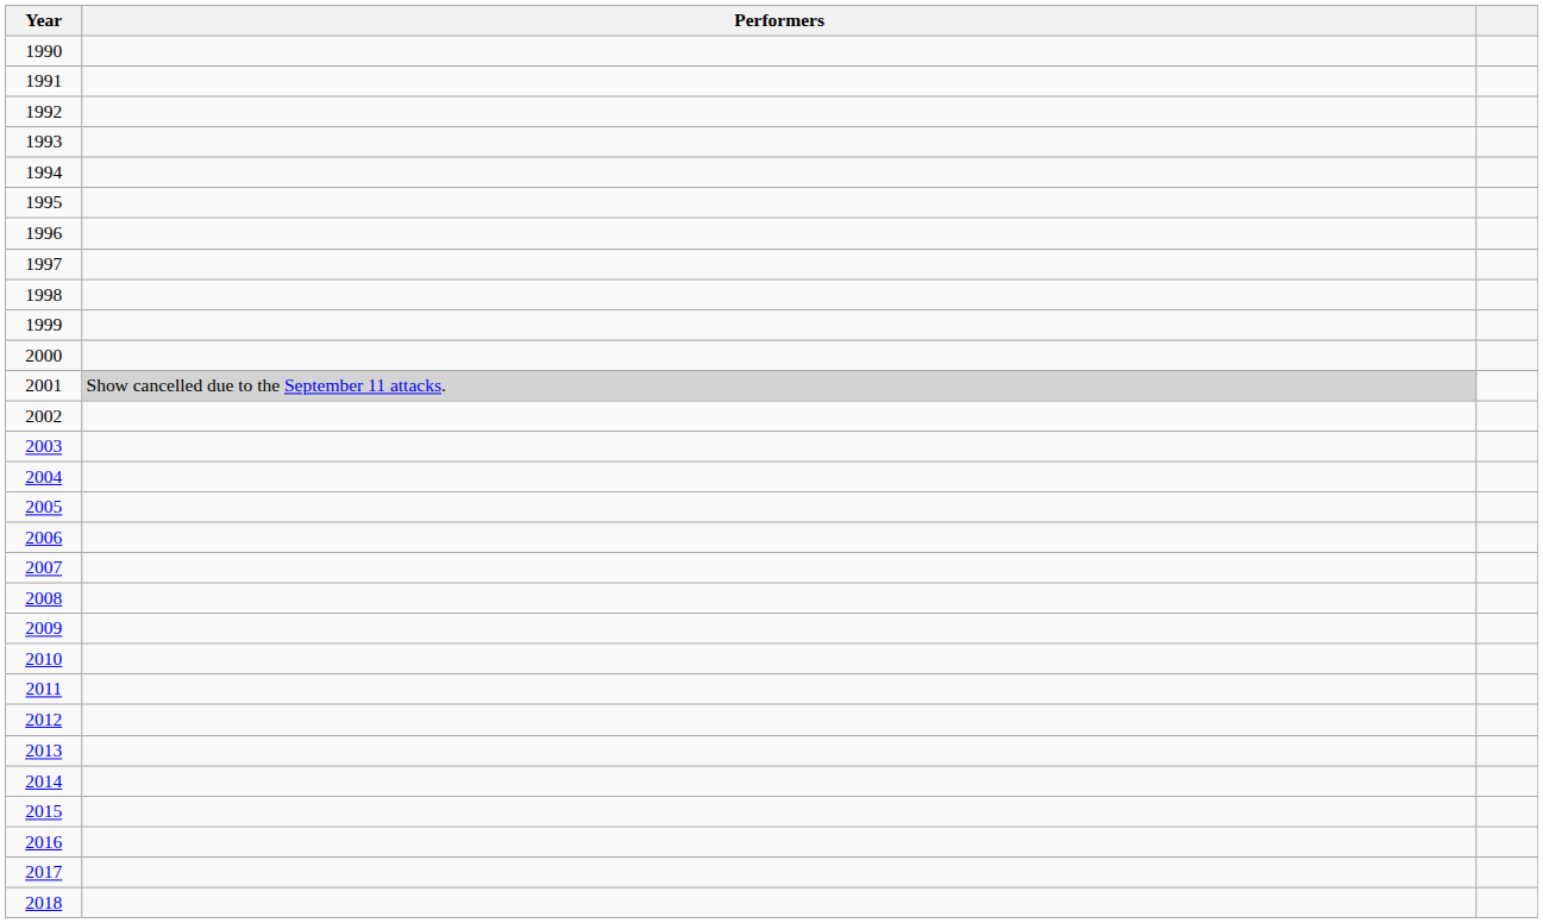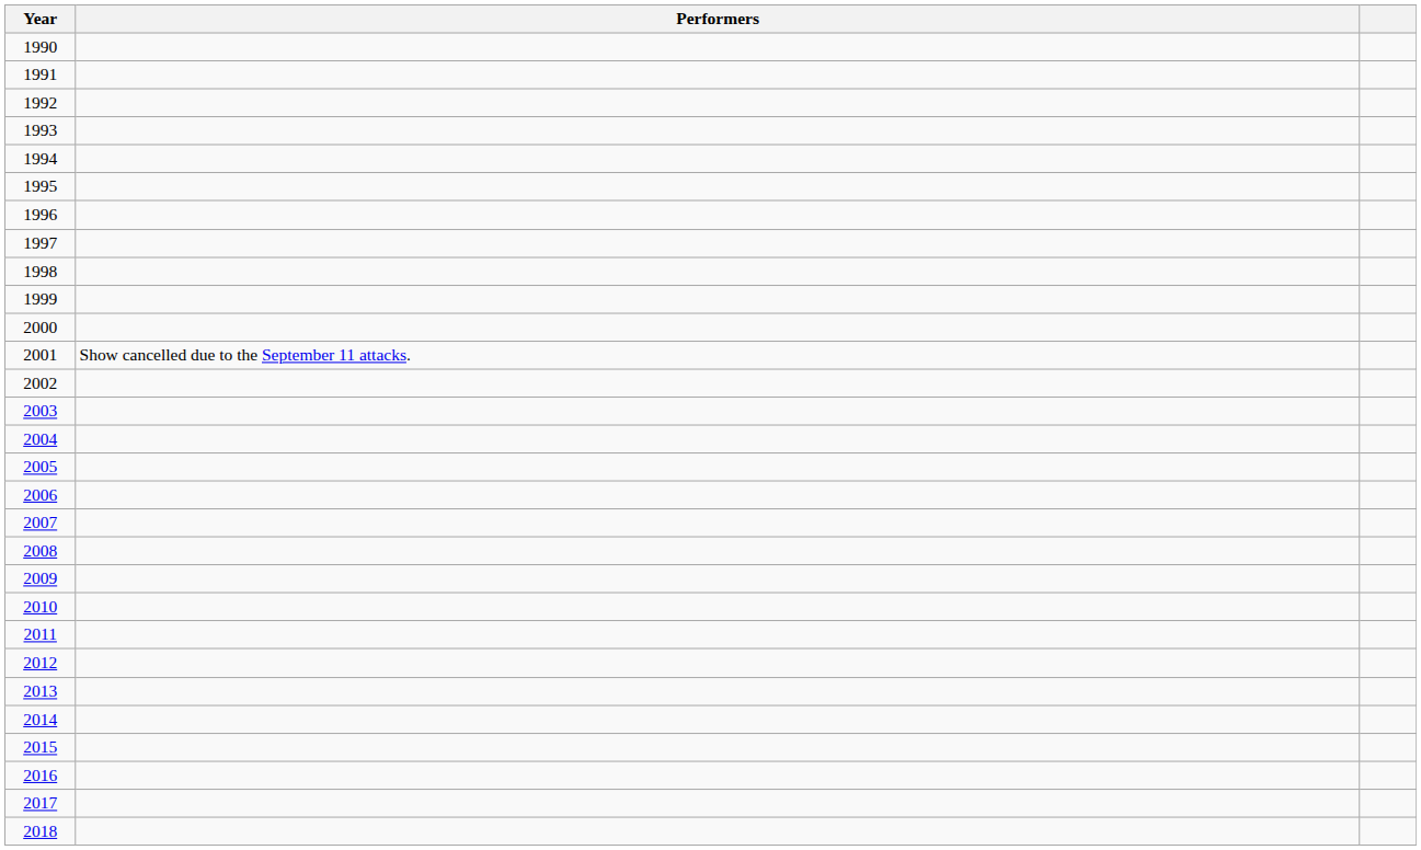 <table class="wikitable sortable" style="font-size:95%; width:100%;">
 <tr>
 <th style="width:5%;">Year</th>
 <th>Performers</th>
 <th style="width:4%;" class="unsortable"></th>
 </tr>
 <tr>
 <td align="center">1990</td>
 <td></td>
 <td align="center"></td>
 </tr>
 <tr>
 <td align="center">1991</td>
 <td></td>
 <td align="center"></td>
 </tr>
 <tr>
 <td align="center">1992</td>
 <td></td>
 <td align="center"></td>
 </tr>
 <tr>
 <td align="center">1993</td>
 <td></td>
 <td align="center"></td>
 </tr>
 <tr>
 <td align="center">1994</td>
 <td></td>
 <td align="center"></td>
 </tr>
 <tr>
 <td align="center">1995</td>
 <td></td>
 <td align="center"></td>
 </tr>
 <tr>
 <td align="center">1996</td>
 <td></td>
 <td align="center"></td>
 </tr>
 <tr>
 <td align="center">1997</td>
 <td></td>
 <td align="center"></td>
 </tr>
 <tr>
 <td align="center">1998</td>
 <td></td>
 <td align="center"></td>
 </tr>
 <tr>
 <td align="center">1999</td>
 <td></td>
 <td align="center"></td>
 </tr>
 <tr>
 <td align="center">2000</td>
 <td></td>
 <td align="center"></td>
 </tr>
 <tr>
 <td align="center">2001</td>
-<td style="background: lightgrey;">Show cancelled due to the <a href='#'>September 11 attacks</a>. </td>
+<td>Show cancelled due to the <a href='#'>September 11 attacks</a>. </td>
 <td align="center"></td>
 </tr>
 <tr>
 <td align="center">2002</td>
 <td></td>
 <td align="center"></td>
 </tr>
 <tr>
 <td align="center"><a href='#'>2003</a></td>
 <td></td>
 <td align="center"></td>
 </tr>
 <tr>
 <td align="center"><a href='#'>2004</a></td>
 <td></td>
 <td align="center"></td>
 </tr>
 <tr>
 <td align="center"><a href='#'>2005</a></td>
 <td></td>
 <td align="center"></td>
 </tr>
 <tr>
 <td align="center"><a href='#'>2006</a></td>
 <td></td>
 <td align="center"></td>
 </tr>
 <tr>
 <td align="center"><a href='#'>2007</a></td>
 <td></td>
 <td align="center"></td>
 </tr>
 <tr>
 <td align="center"><a href='#'>2008</a></td>
 <td></td>
 <td align="center"></td>
 </tr>
 <tr>
 <td align="center"><a href='#'>2009</a></td>
 <td></td>
 <td align="center"></td>
 </tr>
 <tr>
 <td align="center"><a href='#'>2010</a></td>
 <td></td>
 <td align="center"></td>
 </tr>
 <tr>
 <td align="center"><a href='#'>2011</a></td>
 <td></td>
 <td align="center"></td>
 </tr>
 <tr>
 <td align="center"><a href='#'>2012</a></td>
 <td></td>
 <td align="center"></td>
 </tr>
 <tr>
 <td align="center"><a href='#'>2013</a></td>
 <td></td>
 <td align="center"></td>
 </tr>
 <tr>
 <td align="center"><a href='#'>2014</a></td>
 <td></td>
 <td align="center"></td>
 </tr>
 <tr>
 <td align="center"><a href='#'>2015</a></td>
 <td></td>
 <td align="center"></td>
 </tr>
 <tr>
 <td align="center"><a href='#'>2016</a></td>
 <td></td>
 <td align="center"></td>
 </tr>
 <tr>
 <td align="center"><a href='#'>2017</a></td>
 <td></td>
 <td align="center"></td>
 </tr>
 <tr>
 <td align="center"><a href='#'>2018</a></td>
 <td></td>
 <td align="center"></td>
 </tr>
 <tr>
 </tr>
 </table>
